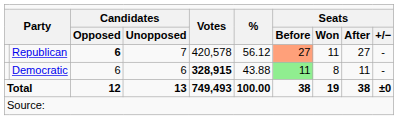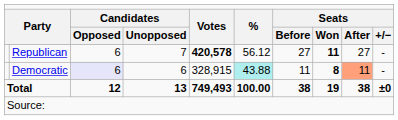 <table class="wikitable">
 <tr>
 <td colspan="12" style="text-align:center;"></td>
 </tr>
 <tr>
 <th colspan="2" rowspan="2">Party</th>
 <th colspan="2">Candidates</th>
 <th rowspan="2">Votes</th>
 <th rowspan="2">%</th>
 <th colspan="4">Seats</th>
 </tr>
 <tr>
 <th>Opposed</th>
 <th>Unopposed</th>
 <th>Before</th>
 <th>Won</th>
 <th>After</th>
 <th>+/−</th>
 </tr>
 <tr>
 <td style="background-color:"></td>
 <td><a href='#'>Republican</a></td>
-<td style="text-align:right;"><strong>6</strong></td>
+<td style="text-align:right;">6</td>
 <td style="text-align:right;">7</td>
-<td style="text-align:right;">420,578</td>
+<td style="text-align:right;"><strong>420,578</strong></td>
 <td style="text-align:right;">56.12</td>
-<td style="background: lightsalmon; text-align:right;">27</td>
-<td style="text-align:right;">11</td>
+<td style="text-align:right;">27</td>
+<td style="text-align:right;"><strong>11</strong></td>
 <td style="text-align:right;">27</td>
 <td style="text-align:center;">-</td>
 </tr>
 <tr>
 <td style="background-color:"></td>
 <td><a href='#'>Democratic</a></td>
+<td style="background: lavender; text-align:right;">6</td>
 <td style="text-align:right;">6</td>
-<td style="text-align:right;">6</td>
-<td style="text-align:right;"><strong>328,915</strong></td>
-<td style="text-align:right;">43.88</td>
-<td style="background: lightgreen; text-align:right;">11</td>
-<td style="text-align:right;">8</td>
+<td style="text-align:right;">328,915</td>
+<td style="background: paleturquoise; text-align:right;">43.88</td>
 <td style="text-align:right;">11</td>
+<td style="text-align:right;"><strong>8</strong></td>
+<td style="background: lightsalmon; text-align:right;">11</td>
 <td style="text-align:center;">-</td>
 </tr>
 <tr>
 <td colspan="2"><strong>Total</strong></td>
 <td style="text-align:right;"><strong>12</strong></td>
 <td style="text-align:right;"><strong>13</strong></td>
 <td style="text-align:right;"><strong>749,493</strong></td>
 <td style="text-align:right;"><strong>100.00</strong></td>
 <td style="text-align:right;"><strong>38</strong></td>
 <td style="text-align:right;"><strong>19</strong></td>
 <td style="text-align:right;"><strong>38</strong></td>
 <td style="text-align:right;"><strong>±0</strong></td>
 </tr>
 <tr>
 <td colspan="10">Source: <em></em></td>
 </tr>
 </table>
